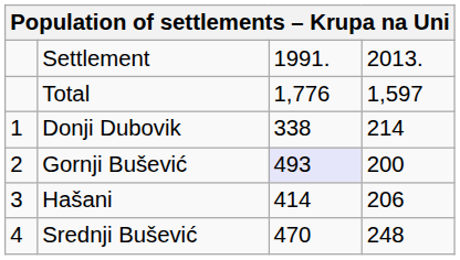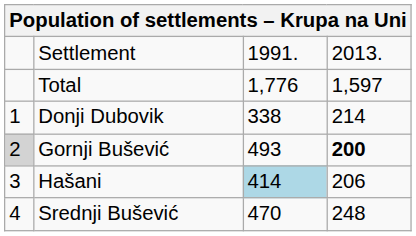 <table class="wikitable">
 <tr>
 <th colspan="4">Population of settlements – Krupa na Uni</th>
 </tr>
 <tr>
 <td></td>
 <td>Settlement</td>
 <td>1991.</td>
 <td>2013.</td>
 </tr>
 <tr>
 <td></td>
 <td>Total</td>
 <td>1,776</td>
 <td>1,597</td>
 </tr>
 <tr>
 <td>1</td>
 <td>Donji Dubovik</td>
 <td>338</td>
 <td>214</td>
 </tr>
 <tr>
-<td>2</td>
+<td style="background: lightgrey;">2</td>
 <td>Gornji Bušević</td>
-<td style="background: lavender;">493</td>
-<td>200</td>
+<td>493</td>
+<td><strong>200</strong></td>
 </tr>
 <tr>
 <td>3</td>
 <td>Hašani</td>
-<td>414</td>
+<td style="background: lightblue;">414</td>
 <td>206</td>
 </tr>
 <tr>
 <td>4</td>
 <td>Srednji Bušević</td>
 <td>470</td>
 <td>248</td>
 </tr>
 </table>
